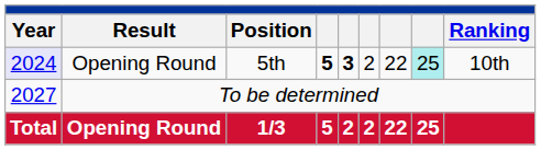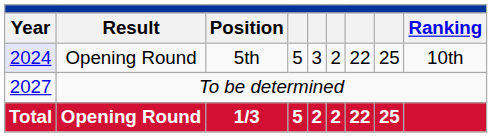 <table class="wikitable" style="text-align: center;">
 <tr>
 <th colspan="9" style="background:#039;"><a href='#'></a> </th>
 </tr>
 <tr>
 <th scope="col">Year</th>
 <th scope="col">Result</th>
 <th scope="col">Position</th>
 <th scope="col"></th>
 <th scope="col"></th>
 <th scope="col"></th>
 <th scope="col"></th>
 <th scope="col"></th>
 <th scope="col"><a href='#'>Ranking</a></th>
 </tr>
 <tr>
 <td style="background: lavender;"> <a href='#'>2024</a></td>
 <td>Opening Round</td>
 <td>5th</td>
-<td><strong>5</strong></td>
-<td><strong>3</strong></td>
+<td>5</td>
+<td>3</td>
 <td>2</td>
 <td>22</td>
-<td style="background: paleturquoise;">25</td>
+<td>25</td>
 <td>10th</td>
 </tr>
 <tr>
 <td><a href='#'>2027</a></td>
 <td colspan="8"><em>To be determined</em></td>
 </tr>
 <tr>
 <th style="color:white; background:#D21034;">Total</th>
 <th style="color:white; background:#D21034;">Opening Round</th>
 <th style="color:white; background:#D21034;">1/3</th>
 <th style="color:white; background:#D21034;">5</th>
 <th style="color:white; background:#D21034;">2</th>
 <th style="color:white; background:#D21034;">2</th>
 <th style="color:white; background:#D21034;">22</th>
 <th style="color:white; background:#D21034;">25</th>
 <th style="color:white; background:#D21034;"></th>
 </tr>
 </table>
